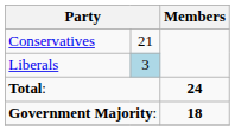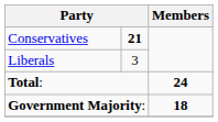 <table class="wikitable">
 <tr>
 <th colspan="2">Party</th>
 <th>Members</th>
 </tr>
 <tr>
 <td><a href='#'>Conservatives</a></td>
-<td align="center">21</td>
+<td align="center"><strong>21</strong></td>
 </tr>
 <tr>
 <td><a href='#'>Liberals</a></td>
-<td align="center" style="background: lightblue;">3</td>
+<td align="center">3</td>
 </tr>
 <tr>
 <td colspan = 2><strong>Total</strong>:</td>
 <td align="center"><strong>24</strong></td>
 </tr>
 <tr>
 <td colspan = 2><strong>Government Majority</strong>:</td>
 <td align="center"><strong>18</strong></td>
 </tr>
 <tr>
 </tr>
 </table>
